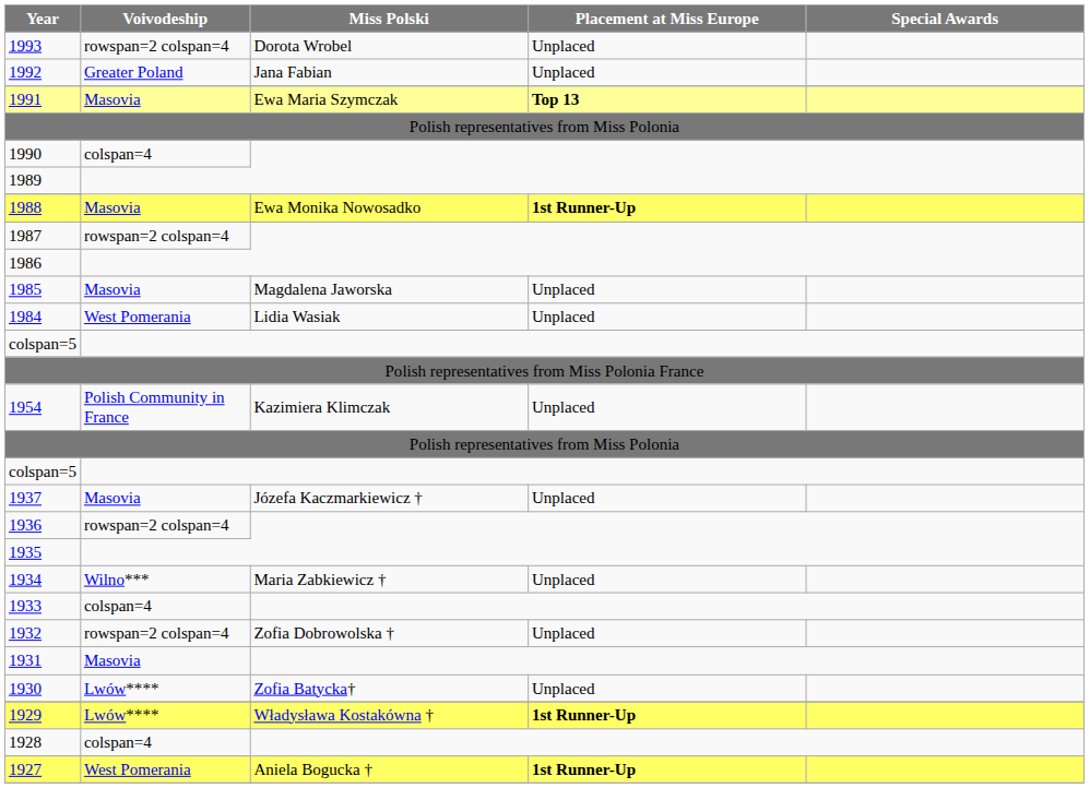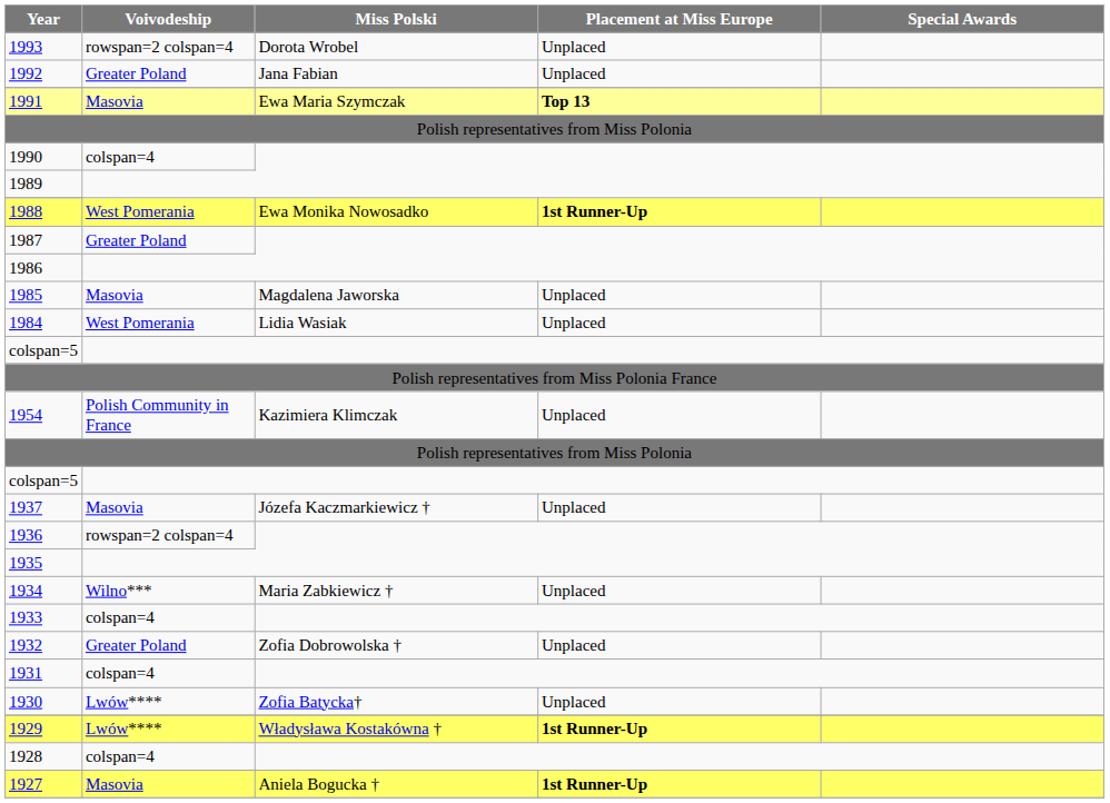 <table class="wikitable " style="font-size: 95%;">
 <tr>
 <th width="60" style="background-color:#787878;color:#FFFFFF;">Year</th>
 <th width="150" style="background-color:#787878;color:#FFFFFF;">Voivodeship</th>
 <th width="250" style="background-color:#787878;color:#FFFFFF;">Miss Polski</th>
 <th width="250" style="background-color:#787878;color:#FFFFFF;">Placement at Miss Europe</th>
 <th width="250" style="background-color:#787878;color:#FFFFFF;">Special Awards</th>
 </tr>
 <tr>
 <td><a href='#'>1993</a></td>
 <td>rowspan=2 colspan=4 </td>
 <td>Dorota Wrobel</td>
 <td>Unplaced</td>
 <td></td>
 </tr>
 <tr>
 <td><a href='#'>1992</a></td>
 <td><a href='#'>Greater Poland</a></td>
 <td>Jana Fabian</td>
 <td>Unplaced</td>
 <td></td>
 </tr>
 <tr>
 </tr>
 <tr style="background-color:#FFFF99;">
 <td><a href='#'>1991</a></td>
 <td><a href='#'>Masovia</a></td>
 <td>Ewa Maria Szymczak</td>
 <td><strong>Top 13</strong></td>
 <td></td>
 </tr>
 <tr>
 </tr>
 <tr bgcolor="#787878" align="center">
 <td colspan="5"><span>Polish representatives from Miss Polonia</span></td>
 </tr>
 <tr>
 <td>1990</td>
 <td>colspan=4 </td>
 </tr>
 <tr>
 <td>1989</td>
 </tr>
 <tr>
 </tr>
 <tr style="background-color:#FFFF66;">
 <td><a href='#'>1988</a></td>
-<td><a href='#'>Masovia</a></td>
+<td><a href='#'>West Pomerania</a></td>
 <td>Ewa Monika Nowosadko</td>
 <td><strong>1st Runner-Up</strong></td>
 <td></td>
 </tr>
 <tr>
 <td>1987</td>
-<td>rowspan=2 colspan=4 </td>
+<td><a href='#'>Greater Poland</a></td>
 </tr>
 <tr>
 <td>1986</td>
 </tr>
 <tr>
 <td><a href='#'>1985</a></td>
 <td><a href='#'>Masovia</a></td>
 <td>Magdalena Jaworska</td>
 <td>Unplaced</td>
 <td></td>
 </tr>
 <tr>
 <td><a href='#'>1984</a></td>
 <td><a href='#'>West Pomerania</a></td>
 <td>Lidia Wasiak</td>
 <td>Unplaced</td>
 <td></td>
 </tr>
 <tr>
 <td>colspan=5 </td>
 </tr>
 <tr>
 </tr>
 <tr bgcolor="#787878" align="center">
 <td colspan="5"><span>Polish representatives from Miss Polonia France</span></td>
 </tr>
 <tr>
 <td><a href='#'>1954</a></td>
 <td><a href='#'>Polish Community in France</a></td>
 <td>Kazimiera Klimczak</td>
 <td>Unplaced</td>
 <td></td>
 </tr>
 <tr>
 </tr>
 <tr bgcolor="#787878" align="center">
 <td colspan="5"><span>Polish representatives from Miss Polonia</span></td>
 </tr>
 <tr>
 <td>colspan=5 </td>
 </tr>
 <tr>
 <td><a href='#'>1937</a></td>
 <td><a href='#'>Masovia</a></td>
 <td>Józefa Kaczmarkiewicz †</td>
 <td>Unplaced</td>
 <td></td>
 </tr>
 <tr>
 <td><a href='#'>1936</a></td>
 <td>rowspan=2 colspan=4 </td>
 </tr>
 <tr>
 <td><a href='#'>1935</a></td>
 </tr>
 <tr>
 <td><a href='#'>1934</a></td>
 <td><a href='#'>Wilno</a>***</td>
 <td>Maria Zabkiewicz †</td>
 <td>Unplaced</td>
 <td></td>
 </tr>
 <tr>
 <td><a href='#'>1933</a></td>
 <td>colspan=4 </td>
 </tr>
 <tr>
 <td><a href='#'>1932</a></td>
-<td>rowspan=2 colspan=4 </td>
+<td><a href='#'>Greater Poland</a></td>
 <td>Zofia Dobrowolska †</td>
 <td>Unplaced</td>
 <td></td>
 </tr>
 <tr>
 <td><a href='#'>1931</a></td>
-<td><a href='#'>Masovia</a></td>
+<td>colspan=4 </td>
 </tr>
 <tr>
 <td><a href='#'>1930</a></td>
 <td><a href='#'>Lwów</a>****</td>
 <td><a href='#'>Zofia Batycka</a>†</td>
 <td>Unplaced</td>
 <td></td>
 </tr>
 <tr>
 </tr>
 <tr style="background-color:#FFFF66;">
 <td><a href='#'>1929</a></td>
 <td><a href='#'>Lwów</a>****</td>
 <td><a href='#'>Władysława Kostakówna</a> †</td>
 <td><strong>1st Runner-Up</strong></td>
 <td></td>
 </tr>
 <tr>
 <td>1928</td>
 <td>colspan=4 </td>
 </tr>
 <tr>
 </tr>
 <tr style="background-color:#FFFF66;">
 <td><a href='#'>1927</a></td>
-<td><a href='#'>West Pomerania</a></td>
+<td><a href='#'>Masovia</a></td>
 <td>Aniela Bogucka †</td>
 <td><strong>1st Runner-Up</strong></td>
 <td></td>
 </tr>
 <tr>
 </tr>
 </table>
